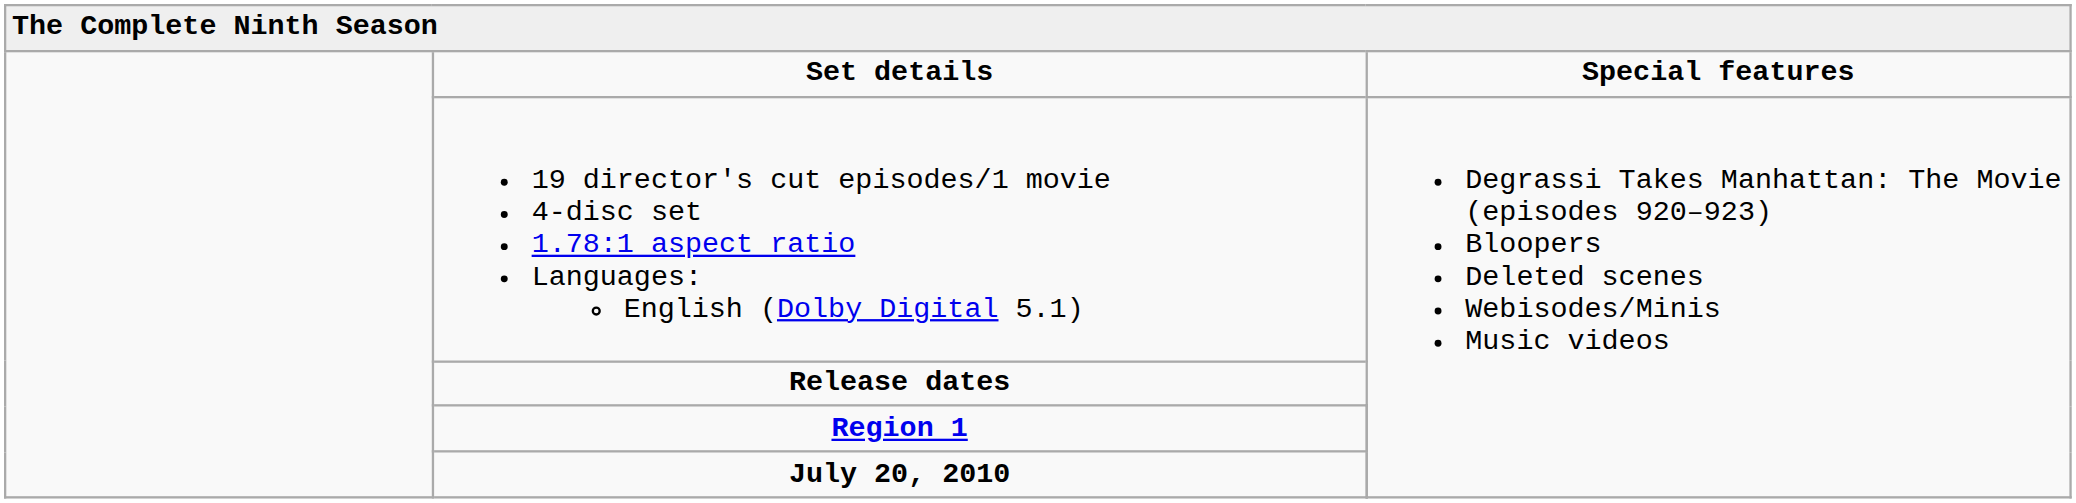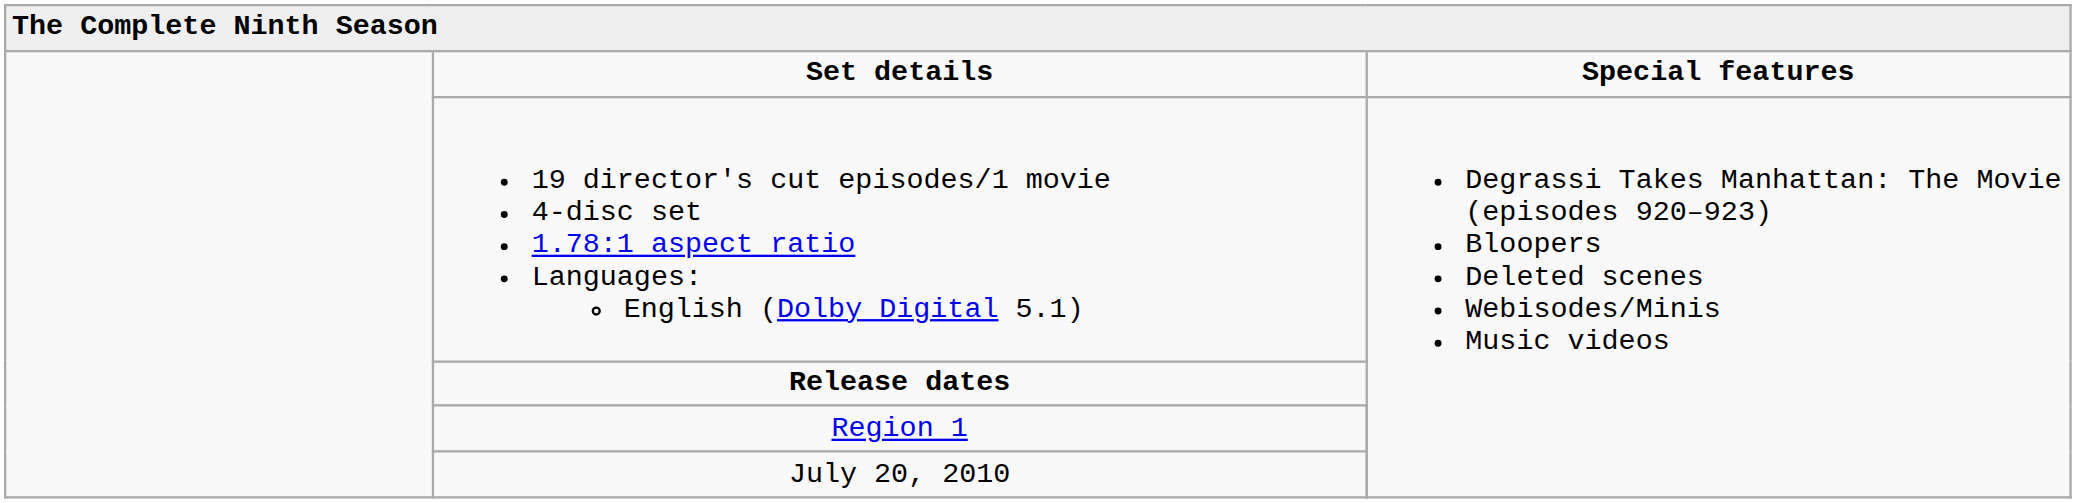 <table class="wikitable" style="font-size: 95%;">
 <tr style="background:#EFEFEF">
 <td colspan="5"><strong>The Complete Ninth Season</strong></td>
 </tr>
 <tr valign="top">
 <td rowspan="5" valign="center" align="center" width="180"></td>
 <td align="center" width="400" colspan="3"><strong>Set details</strong></td>
 <td width="300" align="center"><strong>Special features</strong></td>
 </tr>
 <tr valign="top">
 <td colspan="3" align="left" width="400"><br><ul><li>19 director's cut episodes/1 movie</li><li>4-disc set</li><li><a href='#'>1.78:1 aspect ratio</a></li><li>Languages:<ul><li>English (<a href='#'>Dolby Digital</a> 5.1)</li></ul></li></ul></td>
 <td rowspan="4" align="left" width="300"><br><ul><li>Degrassi Takes Manhattan: The Movie (episodes 920–923)</li><li>Bloopers</li><li>Deleted scenes</li><li>Webisodes/Minis</li><li>Music videos</li></ul></td>
 </tr>
 <tr>
 <td colspan="3" align="center"><strong>Release dates</strong></td>
 </tr>
 <tr>
-<td align="center"><strong> <a href='#'>Region 1</a><br></strong></td>
+<td align="center"> <a href='#'>Region 1</a><br></td>
 </tr>
 <tr>
-<td align="center"><strong>July 20, 2010<br></strong></td>
+<td align="center">July 20, 2010<br></td>
 </tr>
 </table>
